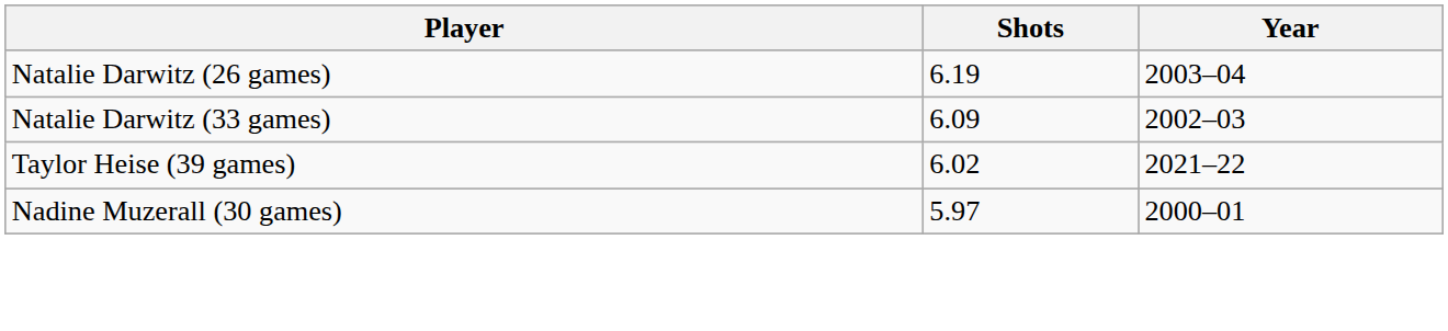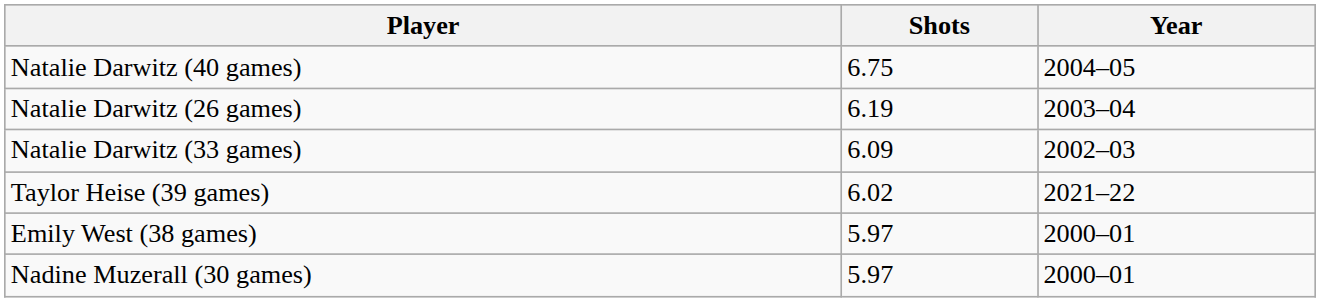 <table class="wikitable" style="width: 50em">
 <tr>
 <th>Player</th>
 <th>Shots</th>
 <th>Year</th>
+</tr>
+<tr>
+<td>Natalie Darwitz (40 games)</td>
+<td>6.75</td>
+<td>2004–05</td>
 </tr>
 <tr>
 <td>Natalie Darwitz (26 games)</td>
 <td>6.19</td>
 <td>2003–04</td>
 </tr>
 <tr>
 <td>Natalie Darwitz (33 games)</td>
 <td>6.09</td>
 <td>2002–03</td>
 </tr>
 <tr>
 <td>Taylor Heise (39 games)</td>
 <td>6.02</td>
 <td>2021–22</td>
 </tr>
 <tr>
+<td>Emily West (38 games)</td>
+<td>5.97</td>
+<td>2000–01</td>
+</tr>
+<tr>
 <td>Nadine Muzerall (30 games)</td>
 <td>5.97</td>
 <td>2000–01</td>
 </tr>
 </table>
